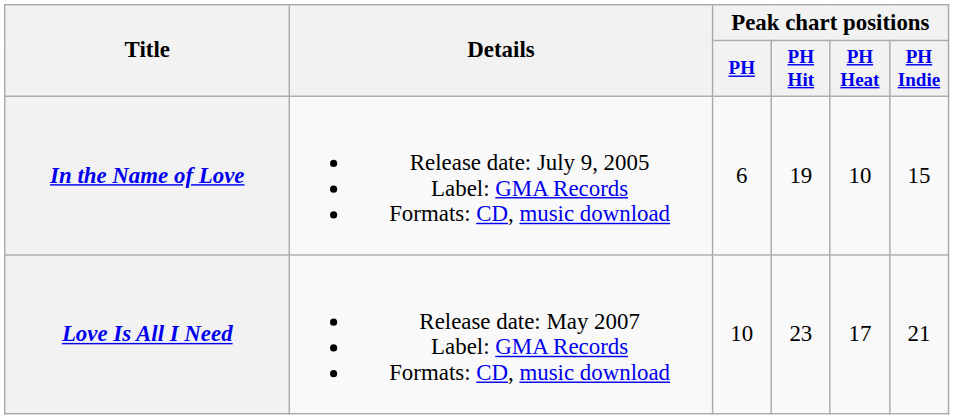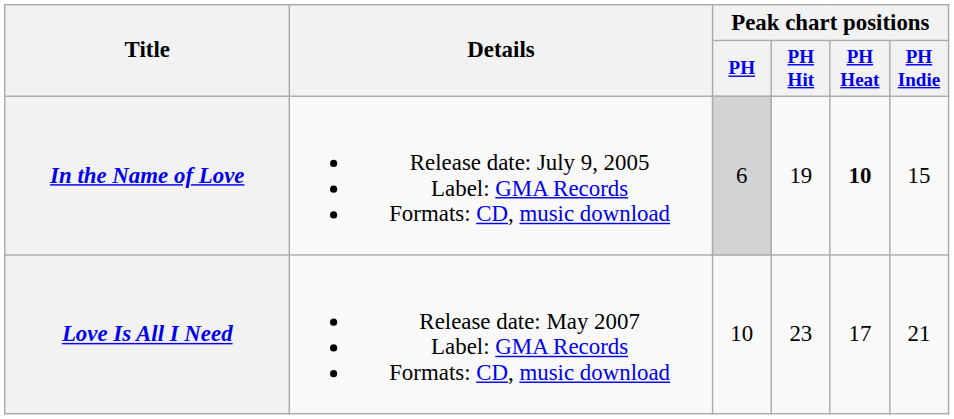 <table class="wikitable plainrowheaders" style="text-align:center;">
 <tr>
 <th rowspan="2" style="width:12em;">Title</th>
 <th rowspan="2" style="width:18em;">Details</th>
 <th colspan="4">Peak chart positions</th>
 </tr>
 <tr style="font-size:smaller;">
 <th style="width:35px;"><a href='#'>PH</a></th>
 <th style="width:35px;"><a href='#'>PH Hit</a></th>
 <th style="width:35px;"><a href='#'>PH Heat</a></th>
 <th style="width:35px;"><a href='#'>PH Indie</a></th>
 </tr>
 <tr>
 <th scope="row"><em><a href='#'>In the Name of Love</a></em></th>
 <td><br><ul><li>Release date: July 9, 2005</li><li>Label: <a href='#'>GMA Records</a></li><li>Formats: <a href='#'>CD</a>, <a href='#'>music download</a></li></ul></td>
-<td>6</td>
+<td style="background: lightgrey;">6</td>
 <td>19</td>
-<td>10</td>
+<td><strong>10</strong></td>
 <td>15</td>
 </tr>
 <tr>
 <th scope="row"><em><a href='#'>Love Is All I Need</a></em></th>
 <td><br><ul><li>Release date: May 2007</li><li>Label: <a href='#'>GMA Records</a></li><li>Formats: <a href='#'>CD</a>, <a href='#'>music download</a></li></ul></td>
 <td>10</td>
 <td>23</td>
 <td>17</td>
 <td>21</td>
 </tr>
 </table>
